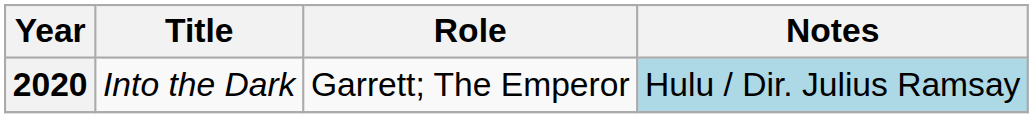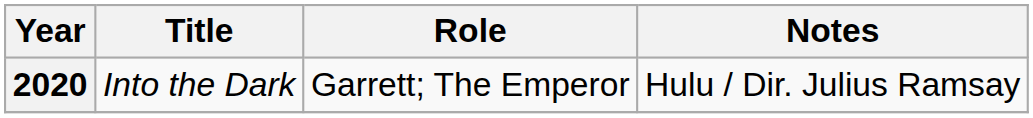 <table class="wikitable plainrowheaders sortable" style="margin-right: 0;">
 <tr>
 <th scope="col">Year</th>
 <th scope="col">Title</th>
 <th scope="col">Role</th>
 <th scope="col" class="unsortable">Notes</th>
 </tr>
 <tr>
 <th scope="row">2020</th>
 <td><em>Into the Dark</em></td>
 <td>Garrett; The Emperor</td>
-<td style="background: lightblue;">Hulu / Dir. Julius Ramsay</td>
+<td>Hulu / Dir. Julius Ramsay</td>
 </tr>
 <tr>
 </tr>
 </table>
